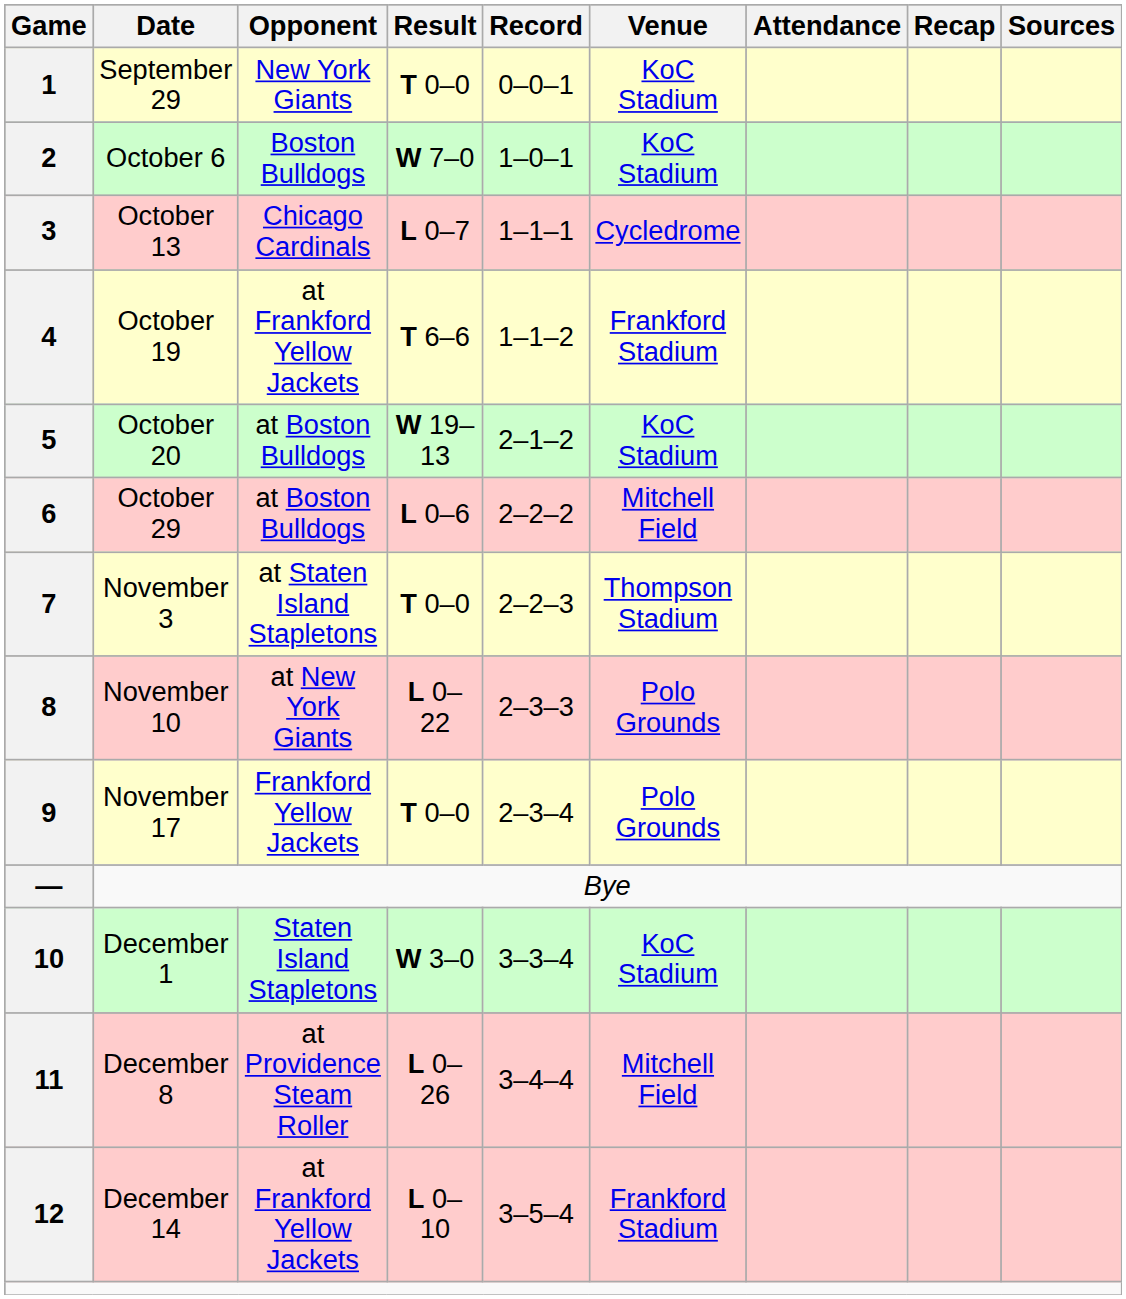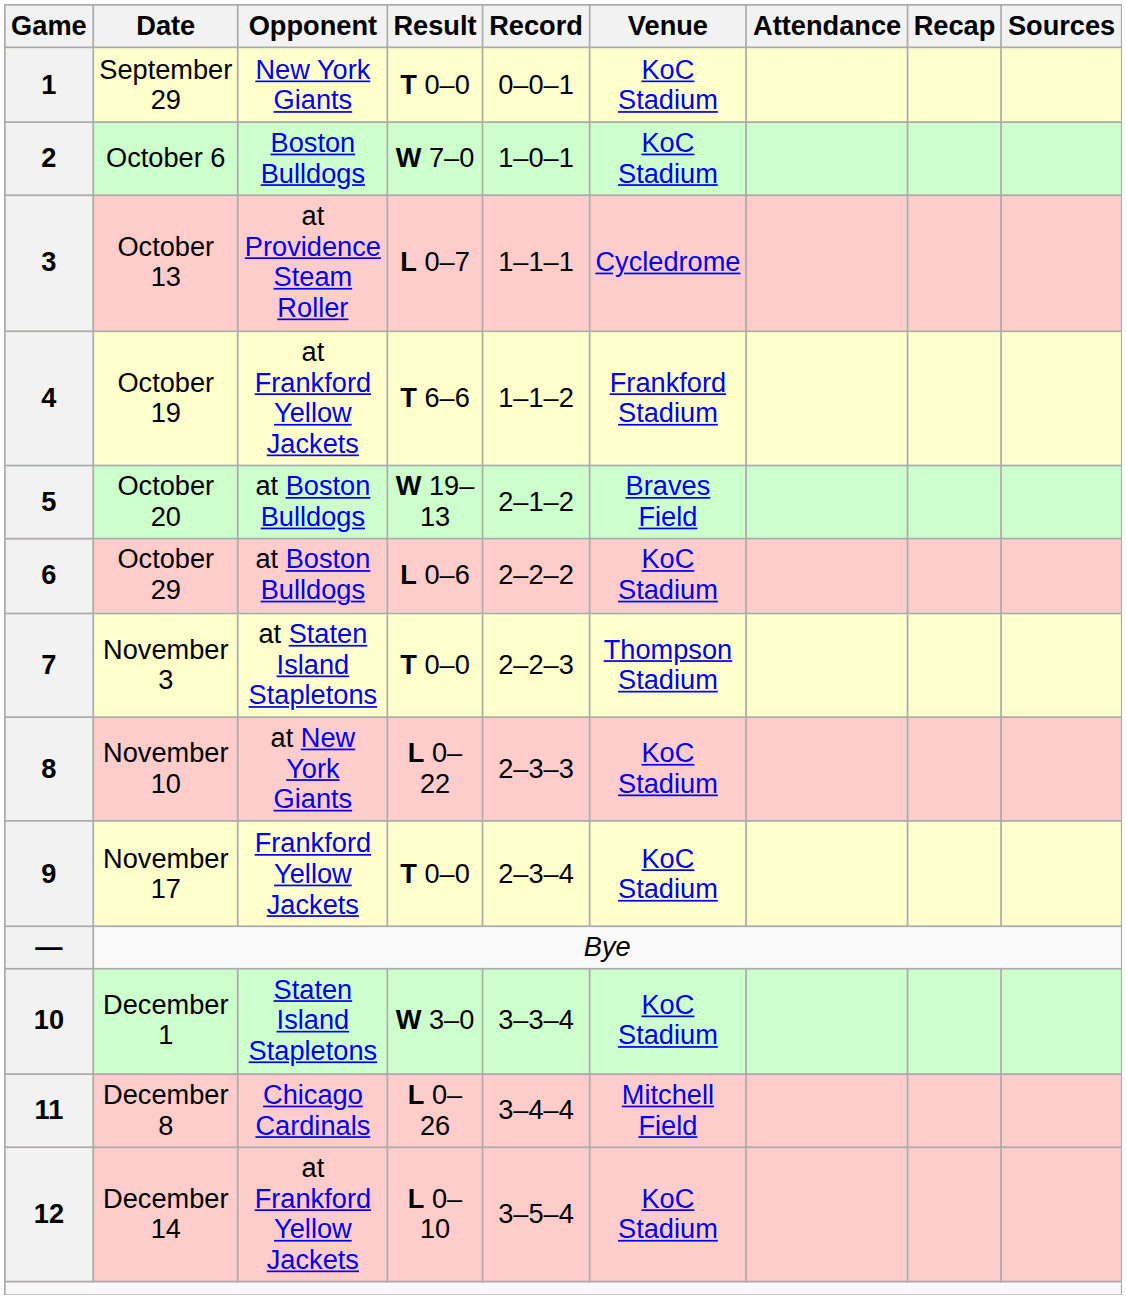 <table class="wikitable" style="text-align:center">
 <tr>
 <th>Game</th>
 <th>Date</th>
 <th>Opponent</th>
 <th>Result</th>
 <th>Record</th>
 <th>Venue</th>
 <th>Attendance</th>
 <th>Recap</th>
 <th>Sources</th>
 </tr>
 <tr style="background:#ffc">
 <th>1</th>
 <td>September 29</td>
 <td><a href='#'>New York Giants</a></td>
 <td><strong>T</strong> 0–0</td>
 <td>0–0–1</td>
 <td><a href='#'>KoC Stadium</a></td>
 <td></td>
 <td></td>
 <td></td>
 </tr>
 <tr style="background:#cfc">
 <th>2</th>
 <td>October 6</td>
 <td><a href='#'>Boston Bulldogs</a></td>
 <td><strong>W</strong> 7–0</td>
 <td>1–0–1</td>
 <td><a href='#'>KoC Stadium</a></td>
 <td></td>
 <td></td>
 <td></td>
 </tr>
 <tr style="background:#fcc">
 <th>3</th>
 <td>October 13</td>
-<td><a href='#'>Chicago Cardinals</a></td>
+<td>at <a href='#'>Providence Steam Roller</a></td>
 <td><strong>L</strong> 0–7</td>
 <td>1–1–1</td>
 <td><a href='#'>Cycledrome</a></td>
 <td></td>
 <td></td>
 <td></td>
 </tr>
 <tr style="background:#ffc">
 <th>4</th>
 <td>October 19</td>
 <td>at <a href='#'>Frankford Yellow Jackets</a></td>
 <td><strong>T</strong> 6–6</td>
 <td>1–1–2</td>
 <td><a href='#'>Frankford Stadium</a></td>
 <td></td>
 <td></td>
 <td></td>
 </tr>
 <tr style="background:#cfc">
 <th>5</th>
 <td>October 20</td>
 <td>at <a href='#'>Boston Bulldogs</a></td>
 <td><strong>W</strong> 19–13</td>
 <td>2–1–2</td>
-<td><a href='#'>KoC Stadium</a></td>
+<td><a href='#'>Braves Field</a></td>
 <td></td>
 <td></td>
 <td></td>
 </tr>
 <tr style="background:#fcc">
 <th>6</th>
 <td>October 29</td>
 <td>at <a href='#'>Boston Bulldogs</a></td>
 <td><strong>L</strong> 0–6</td>
 <td>2–2–2</td>
-<td><a href='#'>Mitchell Field</a></td>
+<td><a href='#'>KoC Stadium</a></td>
 <td></td>
 <td></td>
 <td></td>
 </tr>
 <tr style="background:#ffc">
 <th>7</th>
 <td>November 3</td>
 <td>at <a href='#'>Staten Island Stapletons</a></td>
 <td><strong>T</strong> 0–0</td>
 <td>2–2–3</td>
 <td><a href='#'>Thompson Stadium</a></td>
 <td></td>
 <td></td>
 <td></td>
 </tr>
 <tr style="background:#fcc">
 <th>8</th>
 <td>November 10</td>
 <td>at <a href='#'>New York Giants</a></td>
 <td><strong>L</strong> 0–22</td>
 <td>2–3–3</td>
-<td><a href='#'>Polo Grounds</a></td>
+<td><a href='#'>KoC Stadium</a></td>
 <td></td>
 <td></td>
 <td></td>
 </tr>
 <tr style="background:#ffc">
 <th>9</th>
 <td>November 17</td>
 <td><a href='#'>Frankford Yellow Jackets</a></td>
 <td><strong>T</strong> 0–0</td>
 <td>2–3–4</td>
-<td><a href='#'>Polo Grounds</a></td>
+<td><a href='#'>KoC Stadium</a></td>
 <td></td>
 <td></td>
 <td></td>
 </tr>
 <tr>
 <th>—</th>
 <td colspan="8"><em>Bye</em></td>
 </tr>
 <tr style="background:#cfc">
 <th>10</th>
 <td>December 1</td>
 <td><a href='#'>Staten Island Stapletons</a></td>
 <td><strong>W</strong> 3–0</td>
 <td>3–3–4</td>
 <td><a href='#'>KoC Stadium</a></td>
 <td></td>
 <td></td>
 <td></td>
 </tr>
 <tr style="background:#fcc">
 <th>11</th>
 <td>December 8</td>
-<td>at <a href='#'>Providence Steam Roller</a></td>
+<td><a href='#'>Chicago Cardinals</a></td>
 <td><strong>L</strong> 0–26</td>
 <td>3–4–4</td>
 <td><a href='#'>Mitchell Field</a></td>
 <td></td>
 <td></td>
 <td></td>
 </tr>
 <tr style="background:#fcc">
 <th>12</th>
 <td>December 14</td>
 <td>at <a href='#'>Frankford Yellow Jackets</a></td>
 <td><strong>L</strong> 0–10</td>
 <td>3–5–4</td>
-<td><a href='#'>Frankford Stadium</a></td>
+<td><a href='#'>KoC Stadium</a></td>
 <td></td>
 <td></td>
 <td></td>
 </tr>
 <tr>
 <td colspan="10"></td>
 </tr>
 </table>
